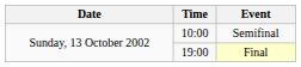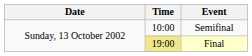 <table class = "wikitable" style="text-align:center;">
 <tr>
 <th width=220>Date</th>
 <th width=50>Time</th>
 <th width=100>Event</th>
 </tr>
 <tr>
 <td rowspan=2>Sunday, 13 October 2002</td>
 <td>10:00</td>
 <td>Semifinal</td>
 </tr>
 <tr>
-<td>19:00</td>
+<td style="background: khaki;">19:00</td>
 <td bgcolor=ffffcc>Final</td>
 </tr>
 </table>
